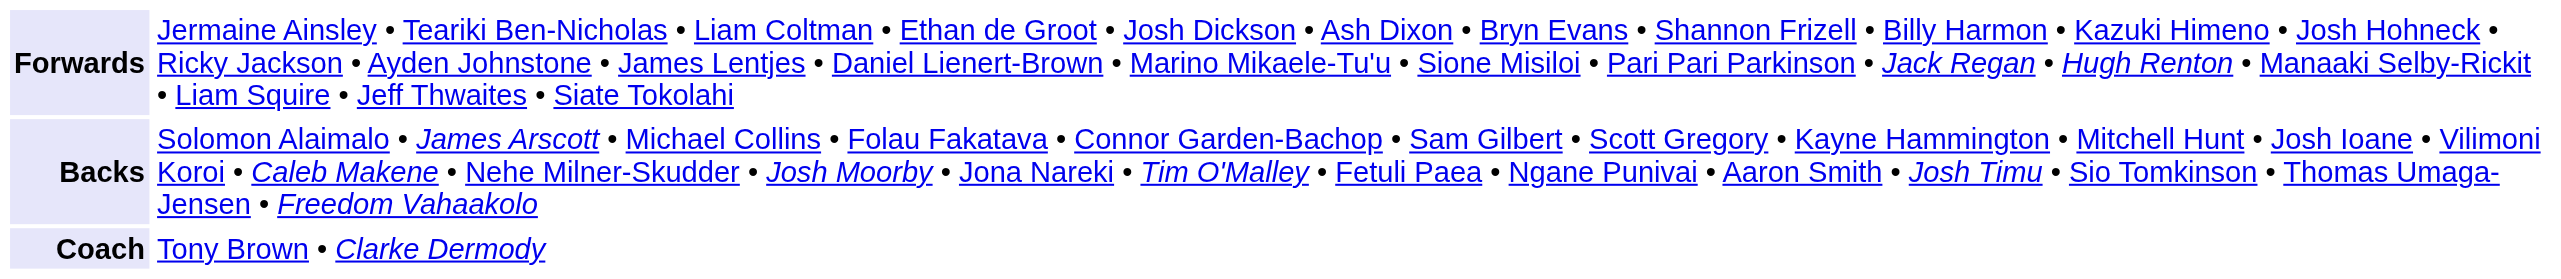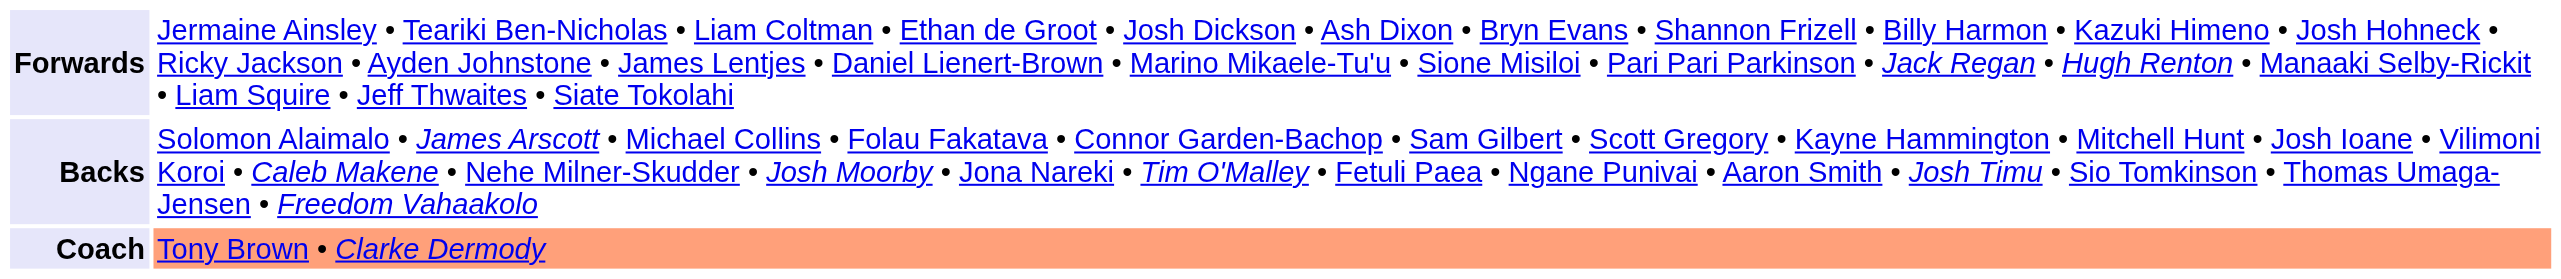 <table cellpadding="2" style="border: 1px solid white; font-size:90%;">
 <tr>
 <td style="text-align:right;" bgcolor="lavender"><strong>Forwards</strong></td>
 <td style="text-align:left;"><a href='#'>Jermaine Ainsley</a> • <a href='#'>Teariki Ben-Nicholas</a> • <a href='#'>Liam Coltman</a> • <a href='#'>Ethan de Groot</a> • <a href='#'>Josh Dickson</a> • <a href='#'>Ash Dixon</a> • <a href='#'>Bryn Evans</a> • <a href='#'>Shannon Frizell</a> • <a href='#'>Billy Harmon</a> • <a href='#'>Kazuki Himeno</a> • <a href='#'>Josh Hohneck</a> • <a href='#'>Ricky Jackson</a> • <a href='#'>Ayden Johnstone</a> • <a href='#'>James Lentjes</a> • <a href='#'>Daniel Lienert-Brown</a> • <a href='#'>Marino Mikaele-Tu'u</a> • <a href='#'>Sione Misiloi</a> • <a href='#'>Pari Pari Parkinson</a> • <em><a href='#'>Jack Regan</a></em> • <em><a href='#'>Hugh Renton</a></em> • <a href='#'>Manaaki Selby-Rickit</a> • <a href='#'>Liam Squire</a> • <a href='#'>Jeff Thwaites</a> • <a href='#'>Siate Tokolahi</a></td>
 </tr>
 <tr>
 <td style="text-align:right;" bgcolor="lavender"><strong>Backs</strong></td>
 <td style="text-align:left;"><a href='#'>Solomon Alaimalo</a> • <em><a href='#'>James Arscott</a></em> • <a href='#'>Michael Collins</a> • <a href='#'>Folau Fakatava</a> • <a href='#'>Connor Garden-Bachop</a> • <a href='#'>Sam Gilbert</a> • <a href='#'>Scott Gregory</a> • <a href='#'>Kayne Hammington</a> • <a href='#'>Mitchell Hunt</a> • <a href='#'>Josh Ioane</a> • <a href='#'>Vilimoni Koroi</a> • <em><a href='#'>Caleb Makene</a></em> • <a href='#'>Nehe Milner-Skudder</a> • <em><a href='#'>Josh Moorby</a></em> • <a href='#'>Jona Nareki</a> • <em><a href='#'>Tim O'Malley</a></em> • <a href='#'>Fetuli Paea</a> • <a href='#'>Ngane Punivai</a> • <a href='#'>Aaron Smith</a> • <em><a href='#'>Josh Timu</a></em> • <a href='#'>Sio Tomkinson</a> • <a href='#'>Thomas Umaga-Jensen</a> • <em><a href='#'>Freedom Vahaakolo</a></em></td>
 </tr>
 <tr>
 <td style="text-align:right;" bgcolor="lavender"><strong>Coach</strong></td>
-<td style="text-align:left;"><a href='#'>Tony Brown</a> • <em><a href='#'>Clarke Dermody</a></em></td>
+<td style="background: lightsalmon; text-align:left;"><a href='#'>Tony Brown</a> • <em><a href='#'>Clarke Dermody</a></em></td>
 </tr>
 </table>
